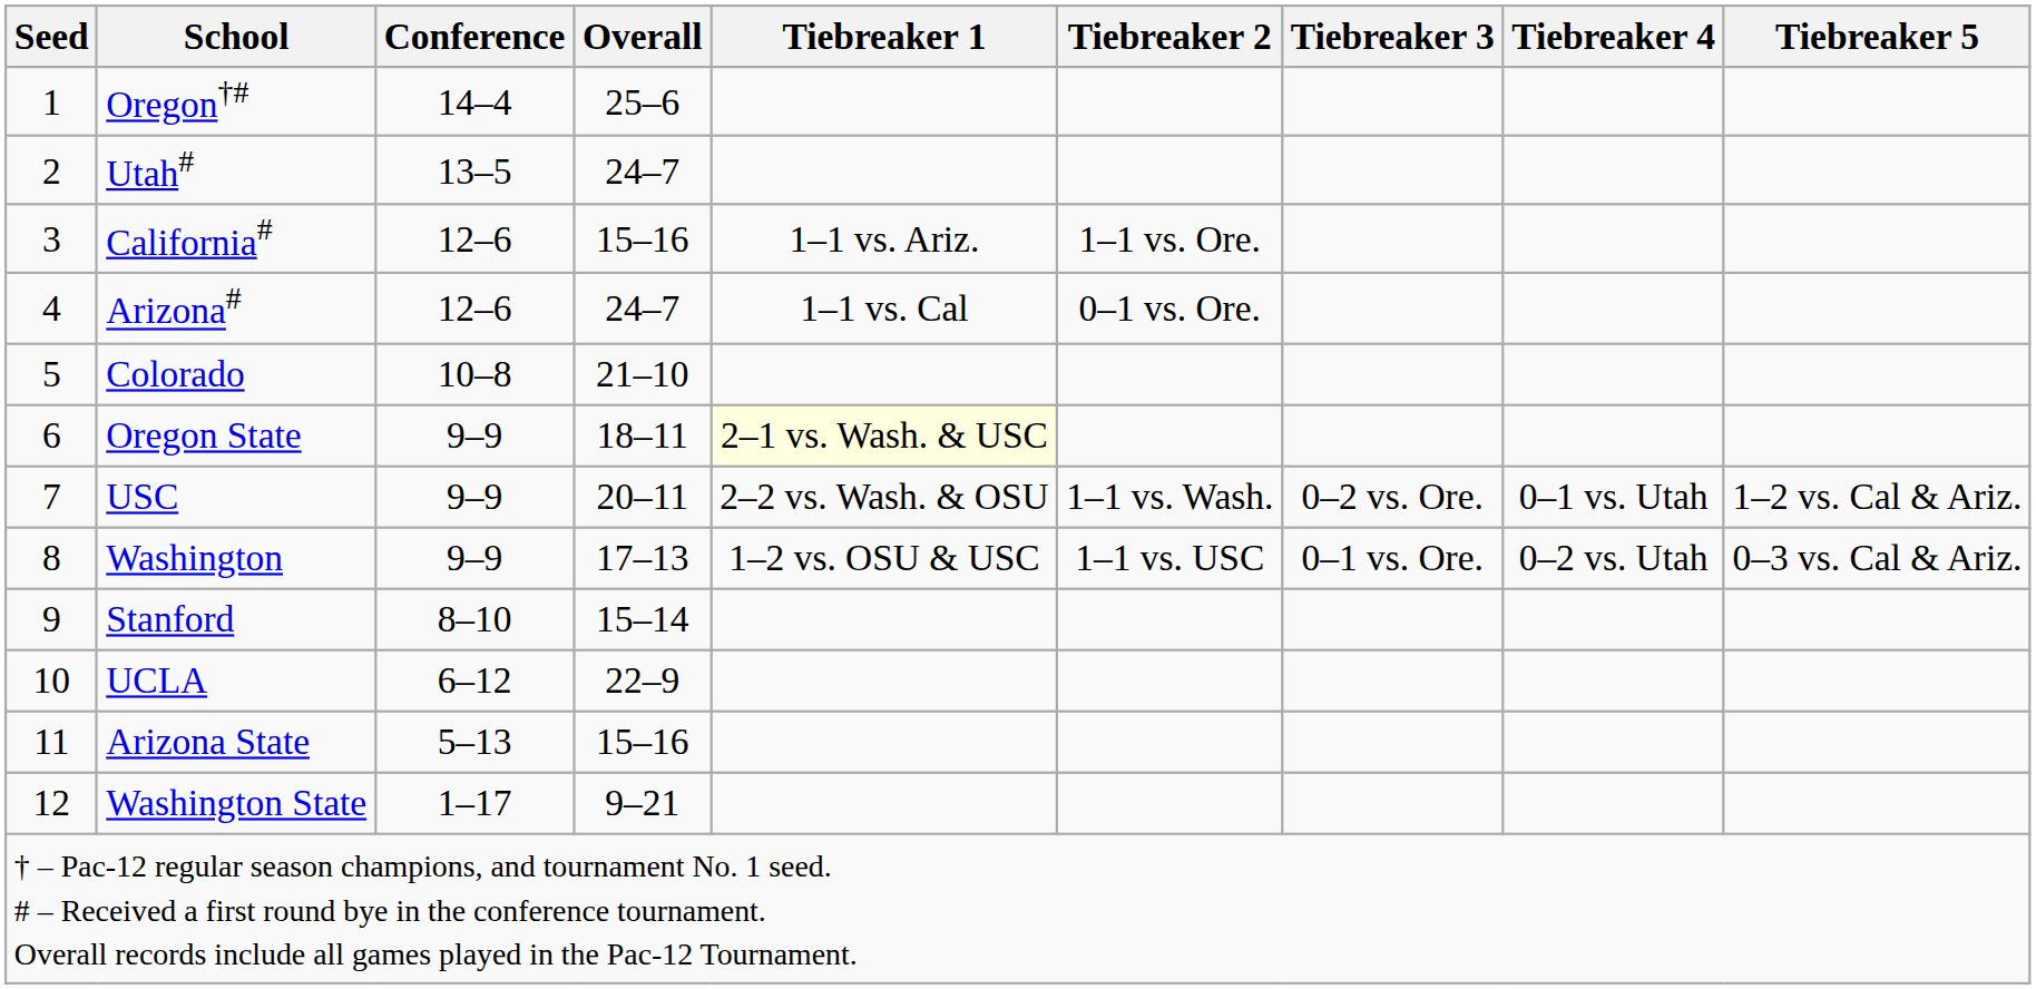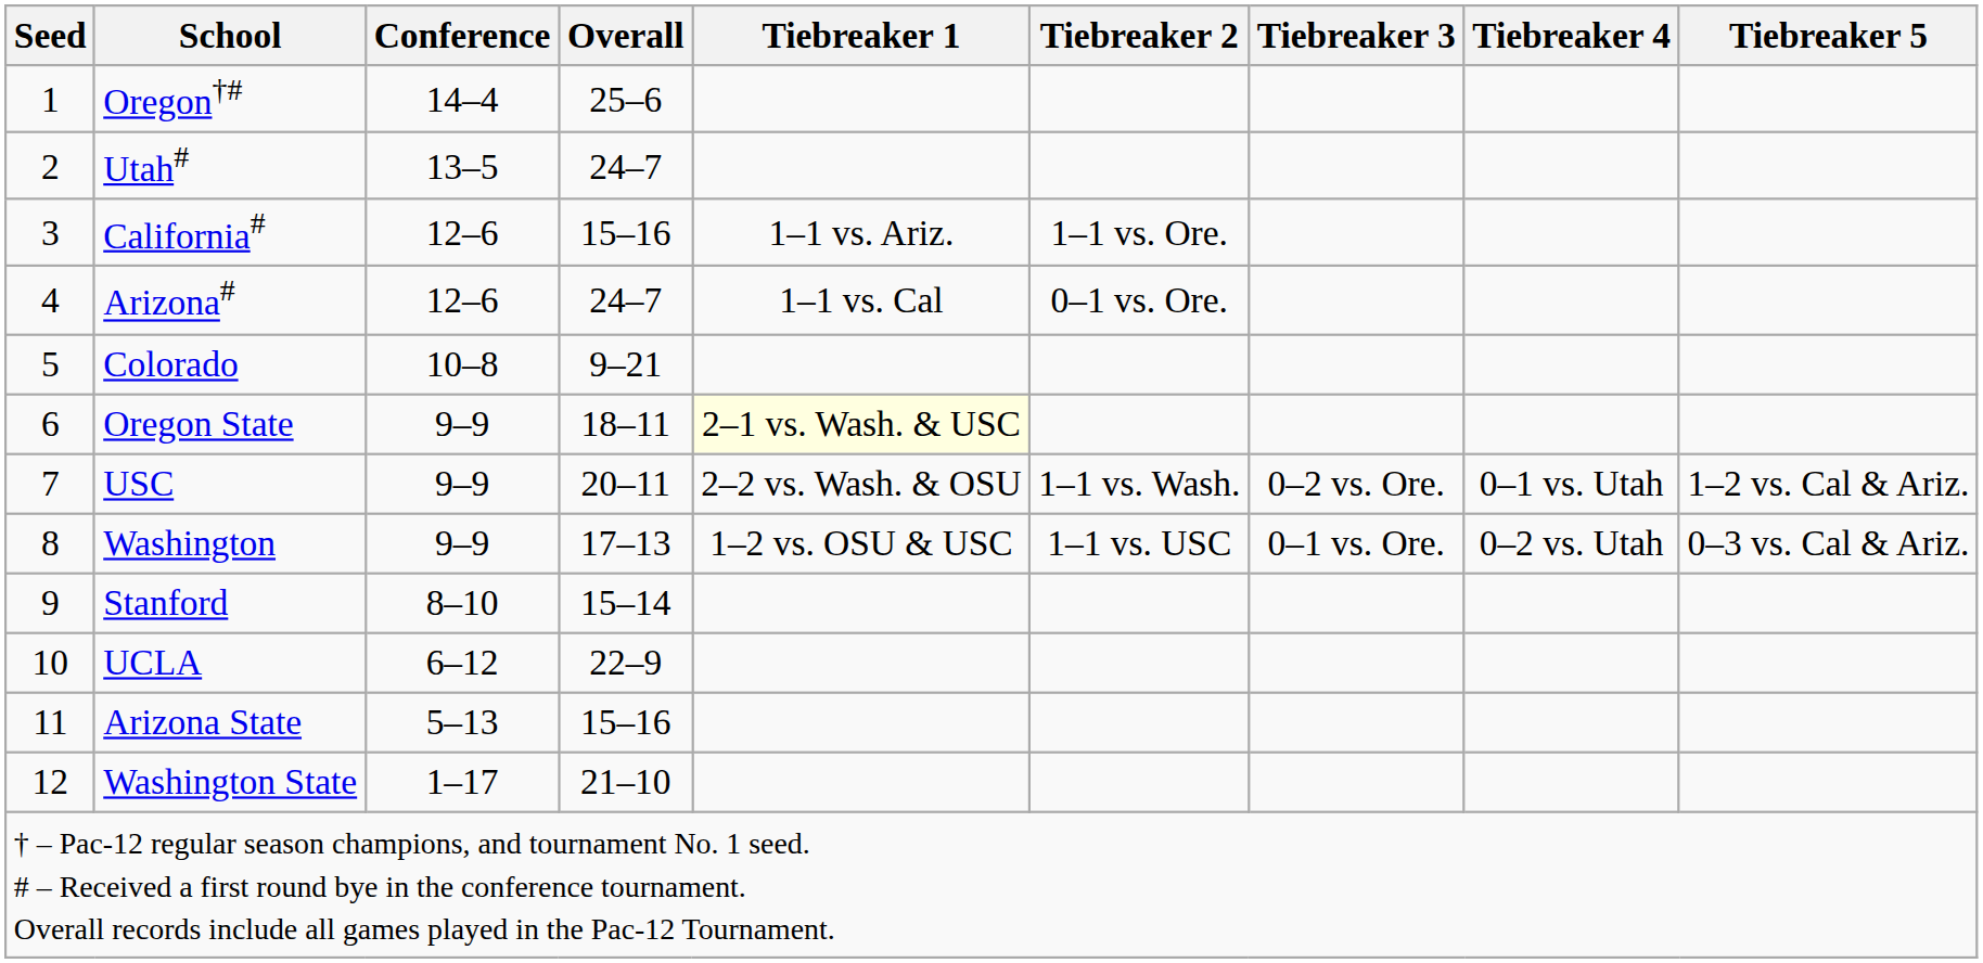 <table class="wikitable" style="white-space:nowrap; font-size:95%; text-align:center">
 <tr>
 <th>Seed</th>
 <th>School</th>
 <th>Conference</th>
 <th>Overall</th>
 <th>Tiebreaker 1</th>
 <th>Tiebreaker 2</th>
 <th>Tiebreaker 3</th>
 <th>Tiebreaker 4</th>
 <th>Tiebreaker 5</th>
 </tr>
 <tr>
 <td>1</td>
 <td align=left><a href='#'>Oregon</a><sup>†#</sup></td>
 <td>14–4</td>
 <td>25–6</td>
 <td></td>
 <td></td>
 <td></td>
 <td></td>
 <td></td>
 </tr>
 <tr>
 <td>2</td>
 <td align=left><a href='#'>Utah</a><sup>#</sup></td>
 <td>13–5</td>
 <td>24–7</td>
 <td></td>
 <td></td>
 <td></td>
 <td></td>
 <td></td>
 </tr>
 <tr>
 <td>3</td>
 <td align=left><a href='#'>California</a><sup>#</sup></td>
 <td>12–6</td>
 <td>15–16</td>
 <td>1–1 vs. Ariz.</td>
 <td>1–1 vs. Ore.</td>
 <td></td>
 <td></td>
 <td></td>
 </tr>
 <tr>
 <td>4</td>
 <td align=left><a href='#'>Arizona</a><sup>#</sup></td>
 <td>12–6</td>
 <td>24–7</td>
 <td>1–1 vs. Cal</td>
 <td>0–1 vs. Ore.</td>
 <td></td>
 <td></td>
 <td></td>
 </tr>
 <tr>
 <td>5</td>
 <td align=left><a href='#'>Colorado</a></td>
 <td>10–8</td>
-<td>21–10</td>
+<td>9–21</td>
 <td></td>
 <td></td>
 <td></td>
 <td></td>
 <td></td>
 </tr>
 <tr>
 <td>6</td>
 <td align=left><a href='#'>Oregon State</a></td>
 <td>9–9</td>
 <td>18–11</td>
 <td style="background: lightyellow;">2–1 vs. Wash. & USC</td>
 <td></td>
 <td></td>
 <td></td>
 <td></td>
 </tr>
 <tr>
 <td>7</td>
 <td align=left><a href='#'>USC</a></td>
 <td>9–9</td>
 <td>20–11</td>
 <td>2–2 vs. Wash. & OSU</td>
 <td>1–1 vs. Wash.</td>
 <td>0–2 vs. Ore.</td>
 <td>0–1 vs. Utah</td>
 <td>1–2 vs. Cal & Ariz.</td>
 </tr>
 <tr>
 <td>8</td>
 <td align=left><a href='#'>Washington</a></td>
 <td>9–9</td>
 <td>17–13</td>
 <td>1–2 vs. OSU & USC</td>
 <td>1–1 vs. USC</td>
 <td>0–1 vs. Ore.</td>
 <td>0–2 vs. Utah</td>
 <td>0–3 vs. Cal & Ariz.</td>
 </tr>
 <tr>
 <td>9</td>
 <td align=left><a href='#'>Stanford</a></td>
 <td>8–10</td>
 <td>15–14</td>
 <td></td>
 <td></td>
 <td></td>
 <td></td>
 <td></td>
 </tr>
 <tr>
 <td>10</td>
 <td align=left><a href='#'>UCLA</a></td>
 <td>6–12</td>
 <td>22–9</td>
 <td></td>
 <td></td>
 <td></td>
 <td></td>
 <td></td>
 </tr>
 <tr>
 <td>11</td>
 <td align=left><a href='#'>Arizona State</a></td>
 <td>5–13</td>
 <td>15–16</td>
 <td></td>
 <td></td>
 <td></td>
 <td></td>
 <td></td>
 </tr>
 <tr>
 <td>12</td>
 <td align=left><a href='#'>Washington State</a></td>
 <td>1–17</td>
-<td>9–21</td>
+<td>21–10</td>
 <td></td>
 <td></td>
 <td></td>
 <td></td>
 <td></td>
 </tr>
 <tr>
 <td colspan=9 align=left><small>† – Pac-12 regular season champions, and tournament No. 1 seed.<br># – Received a first round bye in the conference tournament.<br>Overall records include all games played in the Pac-12 Tournament.</small></td>
 </tr>
 </table>
